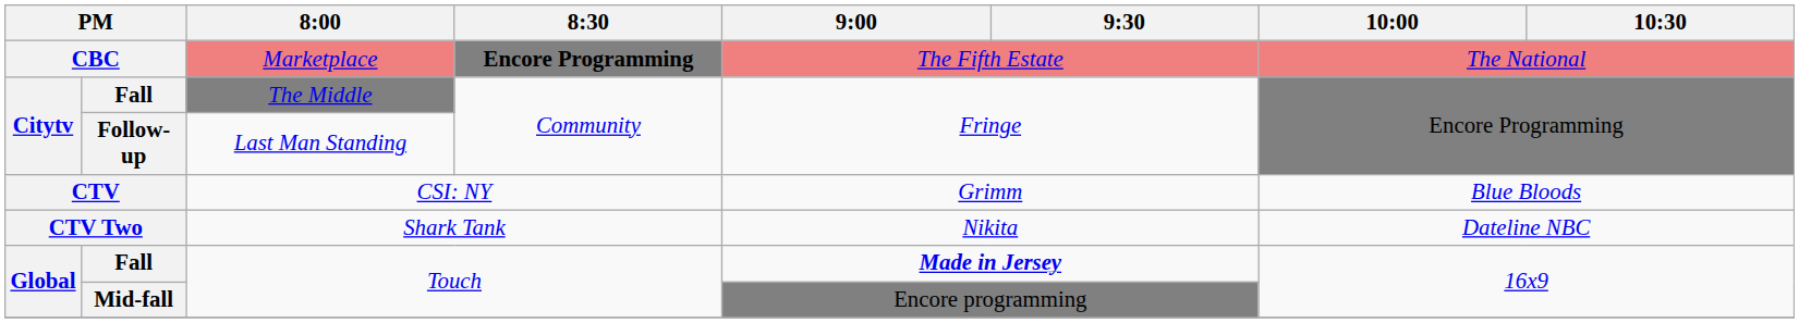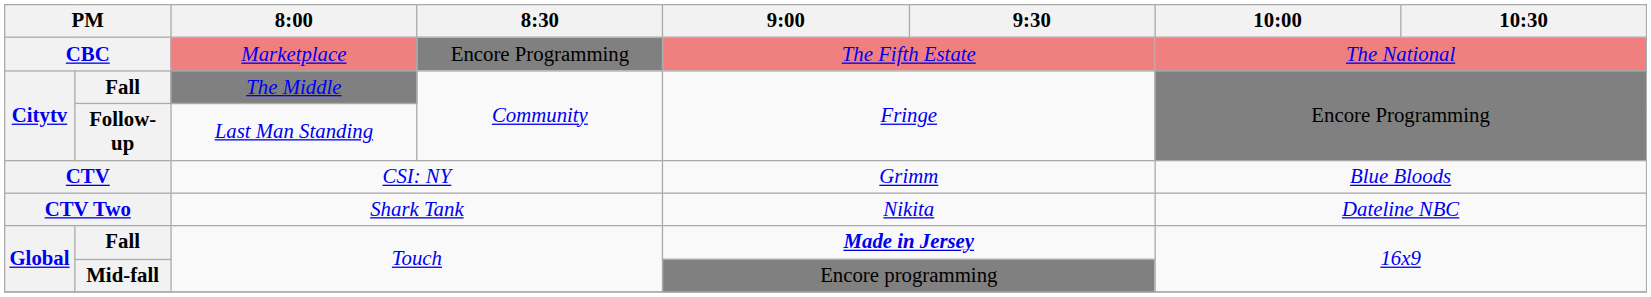 <table class="wikitable" style="width:100%;margin-right:0;text-align:center">
 <tr>
 <th colspan="2" style="width:10%;">PM</th>
 <th style="width:15%;">8:00</th>
 <th style="width:15%;">8:30</th>
 <th style="width:15%;">9:00</th>
 <th style="width:15%;">9:30</th>
 <th style="width:15%;">10:00</th>
 <th style="width:15%;">10:30</th>
 </tr>
 <tr>
 <th colspan="2"><a href='#'>CBC</a></th>
 <td style="background:#f08080;"><em><a href='#'>Marketplace</a></em></td>
-<td style="background:gray;"><strong>Encore Programming</strong></td>
+<td style="background:gray;">Encore Programming</td>
 <td colspan="2" style="background:#f08080;"><em><a href='#'>The Fifth Estate</a></em></td>
 <td colspan="2" style="background:#f08080;"><em><a href='#'>The National</a></em></td>
 </tr>
 <tr>
 <th rowspan="2"><a href='#'>Citytv</a></th>
 <th>Fall</th>
 <td bgcolor="gray"><em><a href='#'>The Middle</a></em></td>
 <td rowspan="2"><em><a href='#'>Community</a></em></td>
 <td colspan="2" rowspan="2"><em><a href='#'>Fringe</a></em></td>
 <td colspan="2" style="background:gray;" rowspan="2">Encore Programming</td>
 </tr>
 <tr>
 <th>Follow-up</th>
 <td><em><a href='#'>Last Man Standing</a></em></td>
 </tr>
 <tr>
 <th colspan="2"><a href='#'>CTV</a></th>
 <td colspan="2"><em><a href='#'>CSI: NY</a></em></td>
 <td colspan="2"><em><a href='#'>Grimm</a></em></td>
 <td colspan="2"><em><a href='#'>Blue Bloods</a></em></td>
 </tr>
 <tr>
 <th colspan="2"><a href='#'>CTV Two</a></th>
 <td colspan="2"><em><a href='#'>Shark Tank</a></em></td>
 <td colspan="2"><em><a href='#'>Nikita</a></em></td>
 <td colspan="2"><em><a href='#'>Dateline NBC</a></em></td>
 </tr>
 <tr>
 <th rowspan="2"><a href='#'>Global</a></th>
 <th>Fall</th>
 <td colspan="2" rowspan="2"><em><a href='#'>Touch</a></em></td>
 <td colspan="2"><strong><em><a href='#'>Made in Jersey</a></em></strong></td>
 <td colspan="2" rowspan="2"><em><a href='#'>16x9</a></em></td>
 </tr>
 <tr>
 <th>Mid-fall</th>
 <td colspan="2" style="background:gray;" rowspan="2">Encore programming</td>
 </tr>
 <tr>
 </tr>
 </table>
